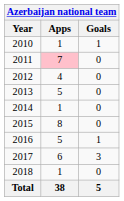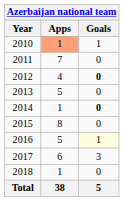 <table class="wikitable" style="text-align:center">
 <tr>
 <th colspan=3><a href='#'>Azerbaijan national team</a></th>
 </tr>
 <tr>
 <th>Year</th>
 <th>Apps</th>
 <th>Goals</th>
 </tr>
 <tr>
 <td>2010</td>
-<td>1</td>
+<td style="background: lightsalmon;">1</td>
 <td>1</td>
 </tr>
 <tr>
 <td>2011</td>
-<td style="background: pink;">7</td>
+<td>7</td>
 <td>0</td>
 </tr>
 <tr>
 <td>2012</td>
 <td>4</td>
-<td>0</td>
+<td><strong>0</strong></td>
 </tr>
 <tr>
 <td>2013</td>
 <td>5</td>
 <td>0</td>
 </tr>
 <tr>
 <td>2014</td>
 <td>1</td>
-<td>0</td>
+<td><strong>0</strong></td>
 </tr>
 <tr>
 <td>2015</td>
 <td>8</td>
 <td>0</td>
 </tr>
 <tr>
 <td>2016</td>
 <td>5</td>
-<td>1</td>
+<td style="background: lightyellow;">1</td>
 </tr>
 <tr>
 <td>2017</td>
 <td>6</td>
 <td>3</td>
 </tr>
 <tr>
 <td>2018</td>
 <td>1</td>
 <td>0</td>
 </tr>
 <tr>
 <th>Total</th>
 <th>38</th>
 <th>5</th>
 </tr>
 </table>
